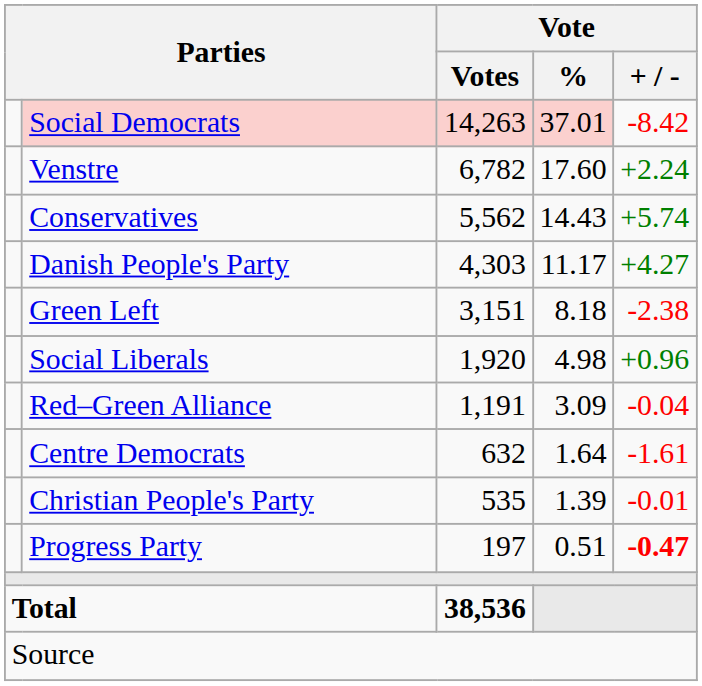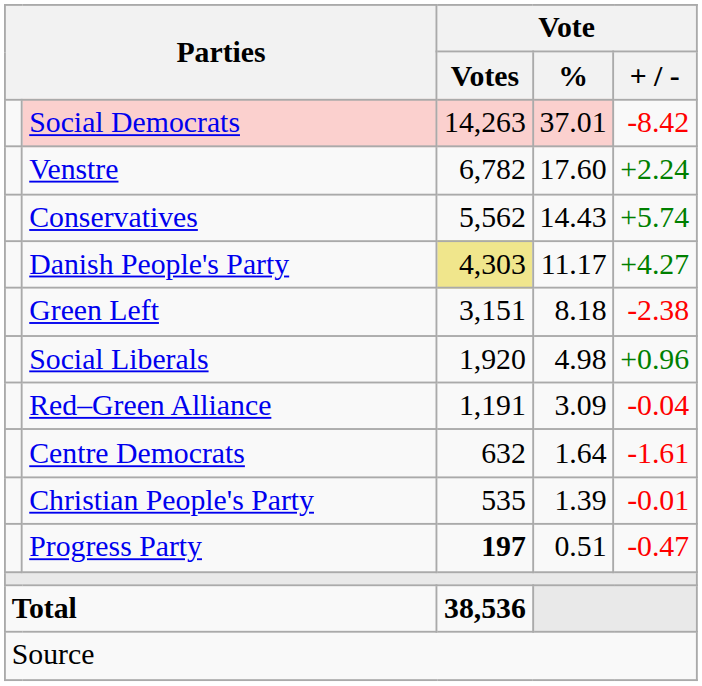 <table class="wikitable" style="text-align:right;">
 <tr>
 <th style="text-align:centre;" rowspan="2" colspan="2" width="225">Parties</th>
 <th colspan="3">Vote</th>
 </tr>
 <tr>
 <th width="15">Votes</th>
 <th width="15">%</th>
 <th width="15">+ / -</th>
 </tr>
 <tr>
 <td width="2" style="color:inherit;background:"></td>
 <td bgcolor=#fbd0ce  align="left"><a href='#'>Social Democrats</a></td>
 <td bgcolor=#fbd0ce>14,263</td>
 <td bgcolor=#fbd0ce>37.01</td>
 <td style=color:red;>-8.42</td>
 </tr>
 <tr>
 <td width="2" style="color:inherit;background:"></td>
 <td align="left"><a href='#'>Venstre</a></td>
 <td>6,782</td>
 <td>17.60</td>
 <td style=color:green;>+2.24</td>
 </tr>
 <tr>
 <td width="2" style="color:inherit;background:"></td>
 <td align="left"><a href='#'>Conservatives</a></td>
 <td>5,562</td>
 <td>14.43</td>
 <td style=color:green;>+5.74</td>
 </tr>
 <tr>
 <td width="2" style="color:inherit;background:"></td>
 <td align="left"><a href='#'>Danish People's Party</a></td>
-<td>4,303</td>
+<td style="background: khaki;">4,303</td>
 <td>11.17</td>
 <td style=color:green;>+4.27</td>
 </tr>
 <tr>
 <td width="2" style="color:inherit;background:"></td>
 <td align="left"><a href='#'>Green Left</a></td>
 <td>3,151</td>
 <td>8.18</td>
 <td style=color:red;>-2.38</td>
 </tr>
 <tr>
 <td width="2" style="color:inherit;background:"></td>
 <td align="left"><a href='#'>Social Liberals</a></td>
 <td>1,920</td>
 <td>4.98</td>
 <td style=color:green;>+0.96</td>
 </tr>
 <tr>
 <td width="2" style="color:inherit;background:"></td>
 <td align="left"><a href='#'>Red–Green Alliance</a></td>
 <td>1,191</td>
 <td>3.09</td>
 <td style=color:red;>-0.04</td>
 </tr>
 <tr>
 <td width="2" style="color:inherit;background:"></td>
 <td align="left"><a href='#'>Centre Democrats</a></td>
 <td>632</td>
 <td>1.64</td>
 <td style=color:red;>-1.61</td>
 </tr>
 <tr>
 <td width="2" style="color:inherit;background:"></td>
 <td align="left"><a href='#'>Christian People's Party</a></td>
 <td>535</td>
 <td>1.39</td>
 <td style=color:red;>-0.01</td>
 </tr>
 <tr>
 <td width="2" style="color:inherit;background:"></td>
 <td align="left"><a href='#'>Progress Party</a></td>
-<td>197</td>
+<td><strong>197</strong></td>
 <td>0.51</td>
-<td style=color:red;><strong>-0.47</strong></td>
+<td style=color:red;>-0.47</td>
 </tr>
 <tr>
 <td colspan="7" bgcolor="#E9E9E9"></td>
 </tr>
 <tr>
 <td align="left" colspan="2"><strong>Total</strong></td>
 <td><strong>38,536</strong></td>
 <td bgcolor="#E9E9E9" colspan="2"></td>
 </tr>
 <tr>
 <td align="left" colspan="6">Source</td>
 </tr>
 </table>
